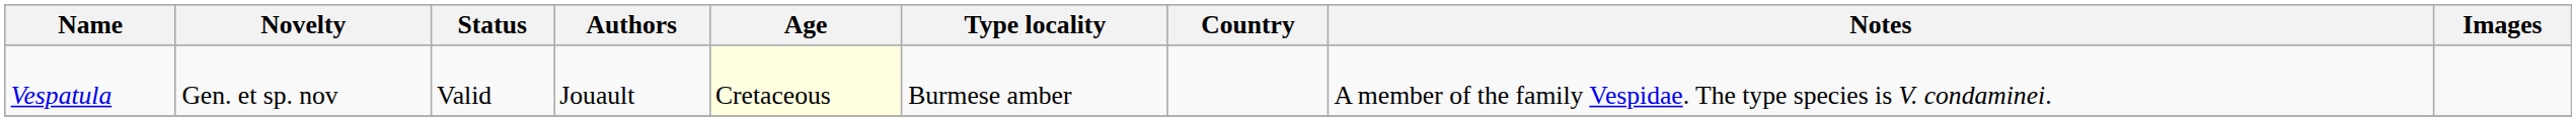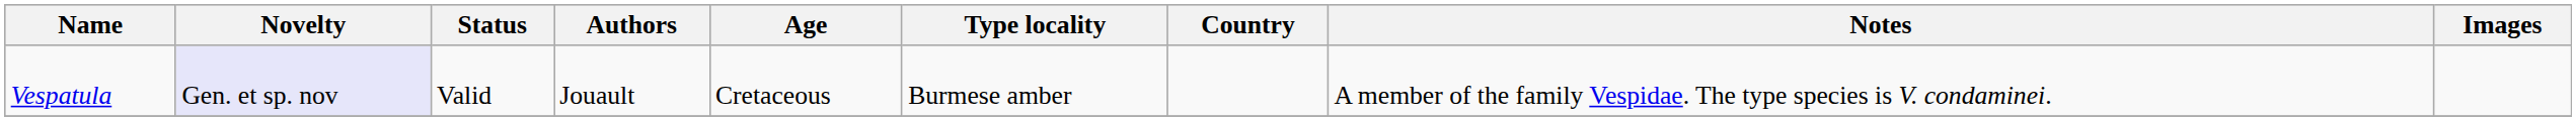 <table class="wikitable sortable" align="center" width="100%">
 <tr>
 <th>Name</th>
 <th>Novelty</th>
 <th>Status</th>
 <th>Authors</th>
 <th>Age</th>
 <th>Type locality</th>
 <th>Country</th>
 <th>Notes</th>
 <th>Images</th>
 </tr>
 <tr>
 <td><br><em><a href='#'>Vespatula</a></em></td>
-<td><br>Gen. et sp. nov</td>
+<td style="background: lavender;"><br>Gen. et sp. nov</td>
 <td><br>Valid</td>
 <td><br>Jouault</td>
-<td style="background: lightyellow;"><br>Cretaceous</td>
+<td><br>Cretaceous</td>
 <td><br>Burmese amber</td>
 <td><br></td>
 <td><br>A member of the family <a href='#'>Vespidae</a>. The type species is <em>V. condaminei</em>.</td>
 <td></td>
 </tr>
 <tr>
 </tr>
 </table>
